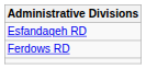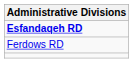 <table class="wikitable">
 <tr>
 <th>Administrative Divisions</th>
 </tr>
 <tr>
-<td><a href='#'>Esfandaqeh RD</a></td>
+<td><strong><a href='#'>Esfandaqeh RD</a></strong></td>
 </tr>
 <tr>
 <td><a href='#'>Ferdows RD</a></td>
 </tr>
 <tr>
 <td colspan=1></td>
 </tr>
 </table>
